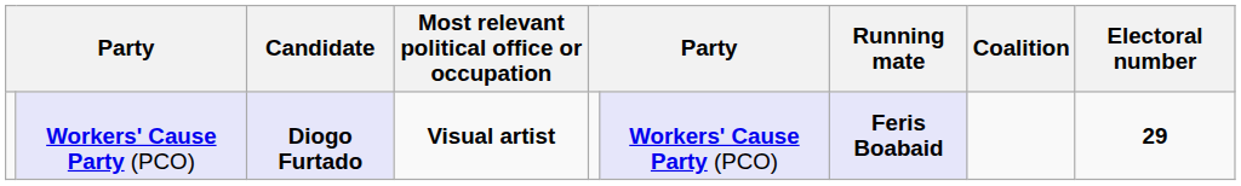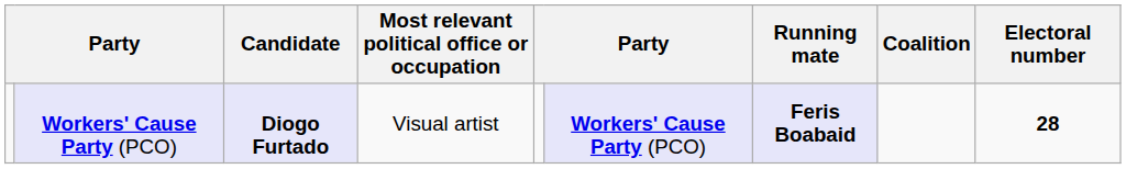 <table class="wikitable" style="text-align:center">
 <tr>
 <th colspan="2">Party</th>
 <th>Candidate</th>
 <th style="max-width:10em">Most relevant political office or occupation</th>
 <th colspan="2">Party</th>
 <th>Running mate</th>
 <th>Coalition</th>
 <th>Electoral number</th>
 </tr>
 <tr>
 <td style="background:"></td>
 <td style="background:lavender;"><br><strong><a href='#'>Workers' Cause Party</a></strong> (PCO)</td>
 <td style="background:lavender;"><br><strong>Diogo Furtado</strong></td>
-<td style="max-width:10em"><strong>Visual artist</strong></td>
+<td style="max-width:10em">Visual artist</td>
 <td style="background:"></td>
 <td style="background:lavender;"><br><strong><a href='#'>Workers' Cause Party</a></strong> (PCO)</td>
 <td style="background:lavender;"><strong>Feris Boabaid</strong></td>
 <td></td>
-<td><strong>29</strong></td>
+<td><strong>28</strong></td>
 </tr>
 </table>
